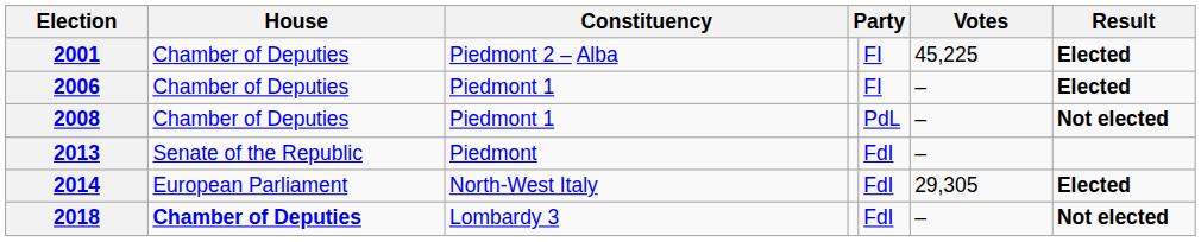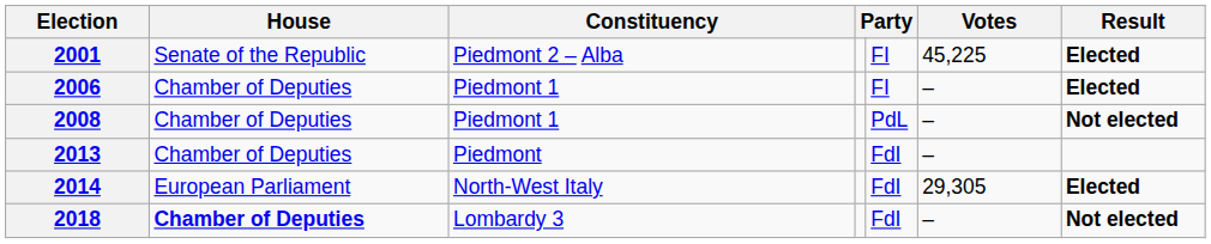 <table class=wikitable style="width:58%; border:1px #AAAAFF solid">
 <tr>
 <th width=12%>Election</th>
 <th width=25%>House</th>
 <th width=34%>Constituency</th>
 <th width=5% colspan="2">Party</th>
 <th width=12%>Votes</th>
 <th width=12%>Result</th>
 </tr>
 <tr>
 <th><a href='#'>2001</a></th>
-<td><a href='#'>Chamber of Deputies</a></td>
+<td><a href='#'>Senate of the Republic</a></td>
 <td><a href='#'>Piedmont 2 –</a> <a href='#'>Alba</a></td>
 <td></td>
 <td><a href='#'>FI</a></td>
 <td>45,225</td>
 <td> <strong>Elected</strong></td>
 </tr>
 <tr>
 <th><a href='#'>2006</a></th>
 <td><a href='#'>Chamber of Deputies</a></td>
 <td><a href='#'>Piedmont 1</a></td>
 <td></td>
 <td><a href='#'>FI</a></td>
 <td>–</td>
 <td> <strong>Elected</strong></td>
 </tr>
 <tr>
 <th><a href='#'>2008</a></th>
 <td><a href='#'>Chamber of Deputies</a></td>
 <td><a href='#'>Piedmont 1</a></td>
 <td></td>
 <td><a href='#'>PdL</a></td>
 <td>–</td>
 <td> <strong>Not elected</strong></td>
 </tr>
 <tr>
 <th><a href='#'>2013</a></th>
-<td><a href='#'>Senate of the Republic</a></td>
+<td><a href='#'>Chamber of Deputies</a></td>
 <td><a href='#'>Piedmont</a></td>
 <td></td>
 <td><a href='#'>FdI</a></td>
 <td>–</td>
 <td></td>
 </tr>
 <tr>
 <th><a href='#'>2014</a></th>
 <td><a href='#'>European Parliament</a></td>
 <td><a href='#'>North-West Italy</a></td>
 <td></td>
 <td><a href='#'>FdI</a></td>
 <td>29,305</td>
 <td> <strong>Elected</strong></td>
 </tr>
 <tr>
 <th><a href='#'>2018</a></th>
 <td><strong><a href='#'>Chamber of Deputies</a></strong></td>
 <td><a href='#'>Lombardy 3</a></td>
 <td></td>
 <td><a href='#'>FdI</a></td>
 <td>–</td>
 <td> <strong>Not elected</strong></td>
 </tr>
 </table>
